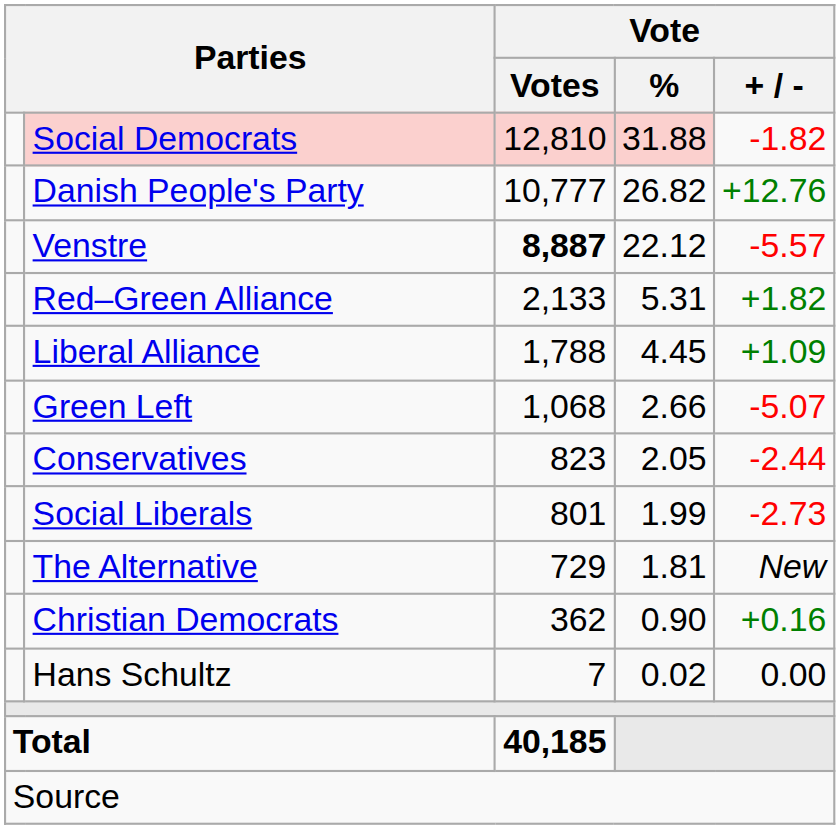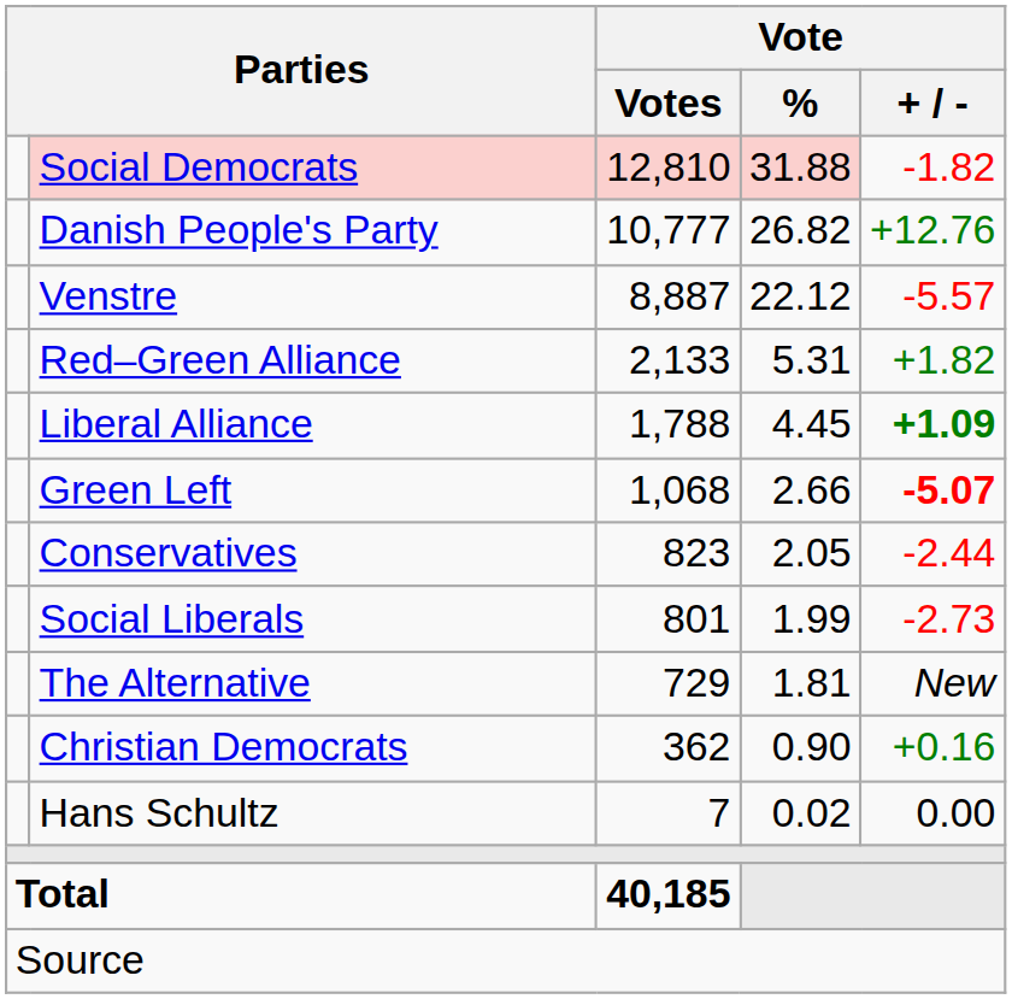 <table class="wikitable" style="text-align:right;">
 <tr>
 <th style="text-align:centre;" rowspan="2" colspan="2" width="225">Parties</th>
 <th colspan="3">Vote</th>
 </tr>
 <tr>
 <th width="15">Votes</th>
 <th width="15">%</th>
 <th width="15">+ / -</th>
 </tr>
 <tr>
 <td width="2" style="color:inherit;background:"></td>
 <td bgcolor=#fbd0ce  align="left"><a href='#'>Social Democrats</a></td>
 <td bgcolor=#fbd0ce>12,810</td>
 <td bgcolor=#fbd0ce>31.88</td>
 <td style=color:red;>-1.82</td>
 </tr>
 <tr>
 <td width="2" style="color:inherit;background:"></td>
 <td align="left"><a href='#'>Danish People's Party</a></td>
 <td>10,777</td>
 <td>26.82</td>
 <td style=color:green;>+12.76</td>
 </tr>
 <tr>
 <td width="2" style="color:inherit;background:"></td>
 <td align="left"><a href='#'>Venstre</a></td>
-<td><strong>8,887</strong></td>
+<td>8,887</td>
 <td>22.12</td>
 <td style=color:red;>-5.57</td>
 </tr>
 <tr>
 <td width="2" style="color:inherit;background:"></td>
 <td align="left"><a href='#'>Red–Green Alliance</a></td>
 <td>2,133</td>
 <td>5.31</td>
 <td style=color:green;>+1.82</td>
 </tr>
 <tr>
 <td width="2" style="color:inherit;background:"></td>
 <td align="left"><a href='#'>Liberal Alliance</a></td>
 <td>1,788</td>
 <td>4.45</td>
-<td style=color:green;>+1.09</td>
+<td style=color:green;><strong>+1.09</strong></td>
 </tr>
 <tr>
 <td width="2" style="color:inherit;background:"></td>
 <td align="left"><a href='#'>Green Left</a></td>
 <td>1,068</td>
 <td>2.66</td>
-<td style=color:red;>-5.07</td>
+<td style=color:red;><strong>-5.07</strong></td>
 </tr>
 <tr>
 <td width="2" style="color:inherit;background:"></td>
 <td align="left"><a href='#'>Conservatives</a></td>
 <td>823</td>
 <td>2.05</td>
 <td style=color:red;>-2.44</td>
 </tr>
 <tr>
 <td width="2" style="color:inherit;background:"></td>
 <td align="left"><a href='#'>Social Liberals</a></td>
 <td>801</td>
 <td>1.99</td>
 <td style=color:red;>-2.73</td>
 </tr>
 <tr>
 <td width="2" style="color:inherit;background:"></td>
 <td align="left"><a href='#'>The Alternative</a></td>
 <td>729</td>
 <td>1.81</td>
 <td><em>New</em></td>
 </tr>
 <tr>
 <td width="2" style="color:inherit;background:"></td>
 <td align="left"><a href='#'>Christian Democrats</a></td>
 <td>362</td>
 <td>0.90</td>
 <td style=color:green;>+0.16</td>
 </tr>
 <tr>
 <td width="2" style="color:inherit;background:"></td>
 <td align="left">Hans Schultz</td>
 <td>7</td>
 <td>0.02</td>
 <td>0.00</td>
 </tr>
 <tr>
 <td colspan="7" bgcolor="#E9E9E9"></td>
 </tr>
 <tr>
 <td align="left" colspan="2"><strong>Total</strong></td>
 <td><strong>40,185</strong></td>
 <td bgcolor="#E9E9E9" colspan="2"></td>
 </tr>
 <tr>
 <td align="left" colspan="6">Source</td>
 </tr>
 </table>
